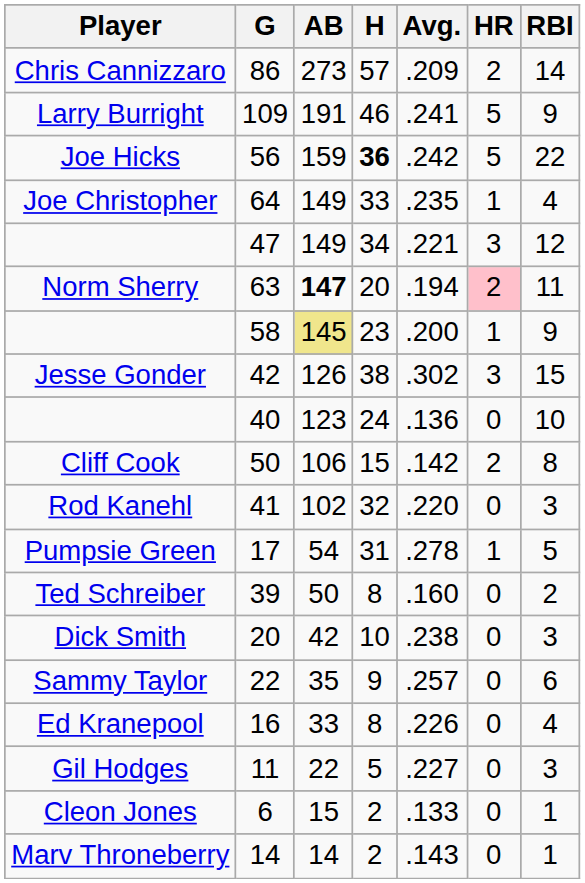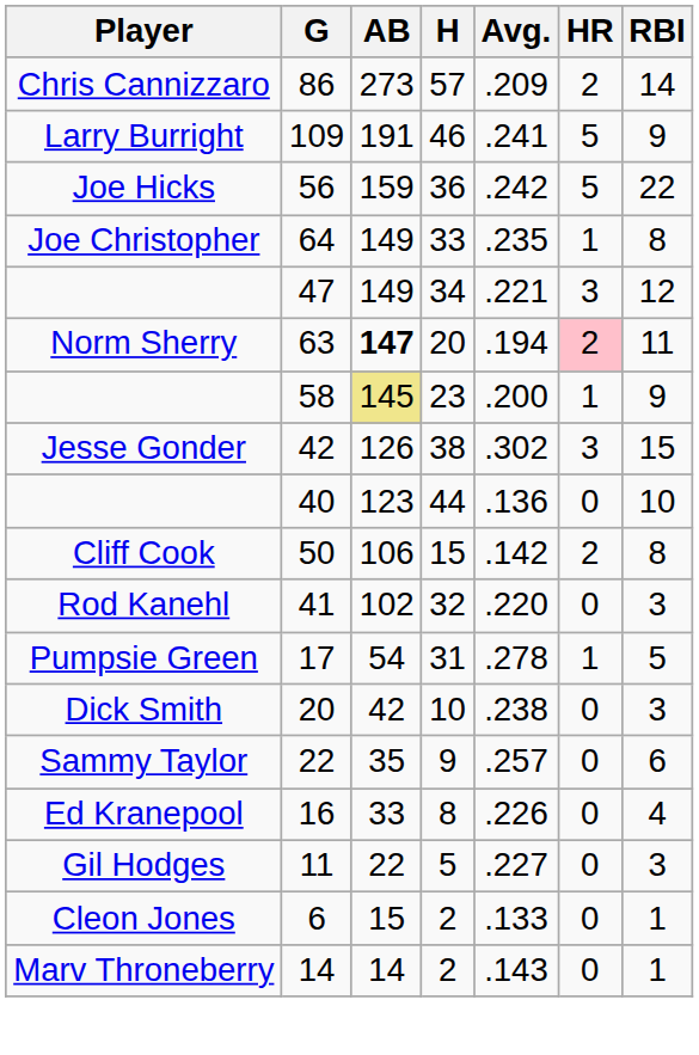 <table class="wikitable sortable">
 <tr>
 <th>Player</th>
 <th>G</th>
 <th>AB</th>
 <th>H</th>
 <th>Avg.</th>
 <th>HR</th>
 <th>RBI</th>
 </tr>
 <tr align="center">
 <td><a href='#'>Chris Cannizzaro</a></td>
 <td>86</td>
 <td>273</td>
 <td>57</td>
 <td>.209</td>
 <td>2</td>
 <td>14</td>
 </tr>
 <tr align="center">
 <td><a href='#'>Larry Burright</a></td>
 <td>109</td>
 <td>191</td>
 <td>46</td>
 <td>.241</td>
 <td>5</td>
 <td>9</td>
 </tr>
 <tr align="center">
 <td><a href='#'>Joe Hicks</a></td>
 <td>56</td>
 <td>159</td>
-<td><strong>36</strong></td>
+<td>36</td>
 <td>.242</td>
 <td>5</td>
 <td>22</td>
 </tr>
 <tr align="center">
 <td><a href='#'>Joe Christopher</a></td>
 <td>64</td>
 <td>149</td>
 <td>33</td>
 <td>.235</td>
 <td>1</td>
-<td>4</td>
+<td>8</td>
 </tr>
 <tr align="center">
 <td></td>
 <td>47</td>
 <td>149</td>
 <td>34</td>
 <td>.221</td>
 <td>3</td>
 <td>12</td>
 </tr>
 <tr align="center">
 <td><a href='#'>Norm Sherry</a></td>
 <td>63</td>
 <td><strong>147</strong></td>
 <td>20</td>
 <td>.194</td>
 <td style="background: pink;">2</td>
 <td>11</td>
 </tr>
 <tr align="center">
 <td></td>
 <td>58</td>
 <td style="background: khaki;">145</td>
 <td>23</td>
 <td>.200</td>
 <td>1</td>
 <td>9</td>
 </tr>
 <tr align="center">
 <td><a href='#'>Jesse Gonder</a></td>
 <td>42</td>
 <td>126</td>
 <td>38</td>
 <td>.302</td>
 <td>3</td>
 <td>15</td>
 </tr>
 <tr align="center">
 <td></td>
 <td>40</td>
 <td>123</td>
-<td>24</td>
+<td>44</td>
 <td>.136</td>
 <td>0</td>
 <td>10</td>
 </tr>
 <tr align="center">
 <td><a href='#'>Cliff Cook</a></td>
 <td>50</td>
 <td>106</td>
 <td>15</td>
 <td>.142</td>
 <td>2</td>
 <td>8</td>
 </tr>
 <tr align="center">
 <td><a href='#'>Rod Kanehl</a></td>
 <td>41</td>
 <td>102</td>
 <td>32</td>
 <td>.220</td>
 <td>0</td>
 <td>3</td>
 </tr>
 <tr align="center">
 <td><a href='#'>Pumpsie Green</a></td>
 <td>17</td>
 <td>54</td>
 <td>31</td>
 <td>.278</td>
 <td>1</td>
 <td>5</td>
-</tr>
-<tr align="center">
-<td><a href='#'>Ted Schreiber</a></td>
-<td>39</td>
-<td>50</td>
-<td>8</td>
-<td>.160</td>
-<td>0</td>
-<td>2</td>
 </tr>
 <tr align="center">
 <td><a href='#'>Dick Smith</a></td>
 <td>20</td>
 <td>42</td>
 <td>10</td>
 <td>.238</td>
 <td>0</td>
 <td>3</td>
 </tr>
 <tr align="center">
 <td><a href='#'>Sammy Taylor</a></td>
 <td>22</td>
 <td>35</td>
 <td>9</td>
 <td>.257</td>
 <td>0</td>
 <td>6</td>
 </tr>
 <tr align="center">
 <td><a href='#'>Ed Kranepool</a></td>
 <td>16</td>
 <td>33</td>
 <td>8</td>
 <td>.226</td>
 <td>0</td>
 <td>4</td>
 </tr>
 <tr align="center">
 <td><a href='#'>Gil Hodges</a></td>
 <td>11</td>
 <td>22</td>
 <td>5</td>
 <td>.227</td>
 <td>0</td>
 <td>3</td>
 </tr>
 <tr align="center">
 <td><a href='#'>Cleon Jones</a></td>
 <td>6</td>
 <td>15</td>
 <td>2</td>
 <td>.133</td>
 <td>0</td>
 <td>1</td>
 </tr>
 <tr align="center">
 <td><a href='#'>Marv Throneberry</a></td>
 <td>14</td>
 <td>14</td>
 <td>2</td>
 <td>.143</td>
 <td>0</td>
 <td>1</td>
 </tr>
 </table>
